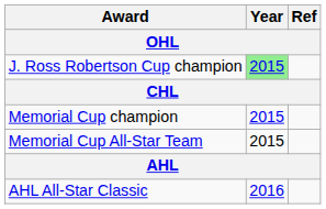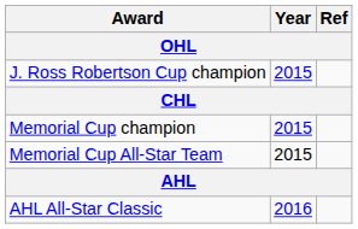 <table class="wikitable">
 <tr>
 <th>Award</th>
 <th>Year</th>
 <th>Ref</th>
 </tr>
 <tr>
 <th colspan="3"><a href='#'>OHL</a></th>
 </tr>
 <tr>
 <td><a href='#'>J. Ross Robertson Cup</a> champion</td>
-<td style="background: lightgreen;"><a href='#'>2015</a></td>
+<td><a href='#'>2015</a></td>
 <td></td>
 </tr>
 <tr>
 <th colspan="3"><a href='#'>CHL</a></th>
 </tr>
 <tr>
 <td><a href='#'>Memorial Cup</a> champion</td>
 <td><a href='#'>2015</a></td>
 <td></td>
 </tr>
 <tr>
 <td><a href='#'>Memorial Cup All-Star Team</a></td>
 <td>2015</td>
 <td></td>
 </tr>
 <tr>
 <th colspan="3"><a href='#'>AHL</a></th>
 </tr>
 <tr>
 <td><a href='#'>AHL All-Star Classic</a></td>
 <td><a href='#'>2016</a></td>
 <td></td>
 </tr>
 </table>
